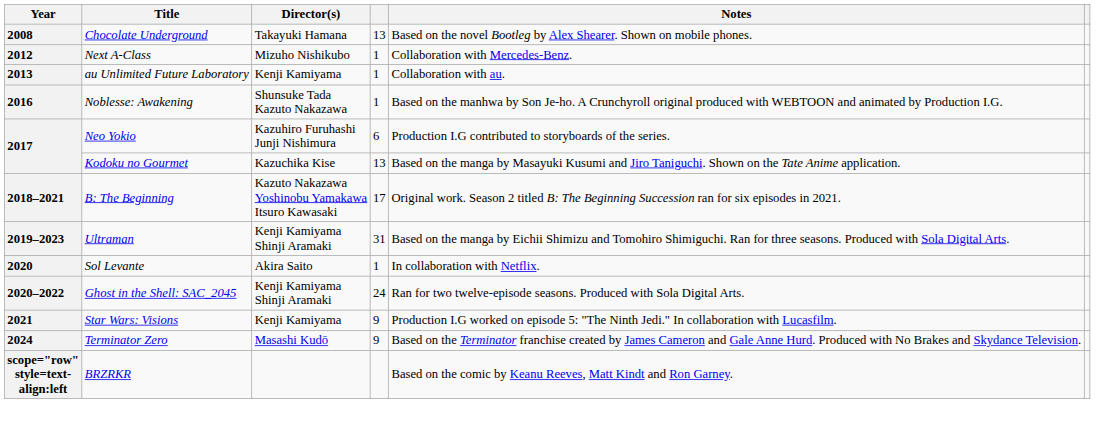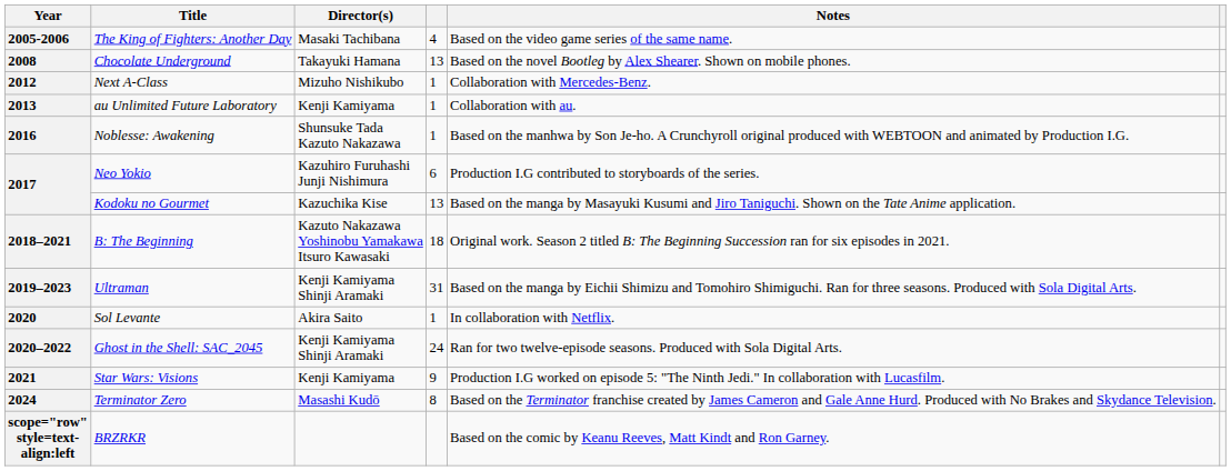 <table class="wikitable sortable plainrowheaders">
 <tr>
 <th scope="col" width=10 class="unsortable">Year</th>
 <th scope="col">Title</th>
 <th scope="col">Director(s)</th>
 <th scope="col"></th>
 <th scope="col" class ="unsortable">Notes</th>
 <th scope="col" class ="unsortable"></th>
+</tr>
+<tr>
+<th scope="row" style=text-align:left>2005-2006</th>
+<td><em><a href='#'>The King of Fighters: Another Day</a></em></td>
+<td>Masaki Tachibana</td>
+<td>4</td>
+<td>Based on the video game series <a href='#'>of the same name</a>.</td>
+<td></td>
 </tr>
 <tr>
 <th scope="row" style=text-align:left>2008</th>
 <td><em><a href='#'>Chocolate Underground</a></em></td>
 <td>Takayuki Hamana</td>
 <td>13</td>
 <td>Based on the novel <em>Bootleg</em> by <a href='#'>Alex Shearer</a>. Shown on mobile phones.</td>
 <td></td>
 </tr>
 <tr>
 <th scope="row" style=text-align:left>2012</th>
 <td><em>Next A-Class</em></td>
 <td>Mizuho Nishikubo</td>
 <td>1</td>
 <td>Collaboration with <a href='#'>Mercedes-Benz</a>.</td>
 <td></td>
 </tr>
 <tr>
 <th scope="row" style=text-align:left>2013</th>
 <td><em>au Unlimited Future Laboratory</em></td>
 <td>Kenji Kamiyama</td>
 <td>1</td>
 <td>Collaboration with <a href='#'>au</a>.</td>
 <td></td>
 </tr>
 <tr>
 <th scope="row" style=text-align:left>2016</th>
 <td><em>Noblesse: Awakening</em></td>
 <td>Shunsuke Tada<br>Kazuto Nakazawa</td>
 <td>1</td>
 <td>Based on the manhwa by Son Je-ho. A Crunchyroll original produced with WEBTOON and animated by Production I.G.</td>
 <td></td>
 </tr>
 <tr>
 <th scope="row" rowspan="2" style=text-align:left>2017</th>
 <td><em><a href='#'>Neo Yokio</a></em></td>
 <td>Kazuhiro Furuhashi<br>Junji Nishimura</td>
 <td>6</td>
 <td>Production I.G contributed to storyboards of the series.</td>
 <td></td>
 </tr>
 <tr>
 <td><em><a href='#'>Kodoku no Gourmet</a></em></td>
 <td>Kazuchika Kise</td>
 <td>13</td>
 <td>Based on the manga by Masayuki Kusumi and <a href='#'>Jiro Taniguchi</a>. Shown on the <em>Tate Anime</em> application.</td>
 <td></td>
 </tr>
 <tr>
 <th scope="row" style=text-align:left>2018–2021</th>
 <td><em><a href='#'>B: The Beginning</a></em></td>
 <td>Kazuto Nakazawa<br><a href='#'>Yoshinobu Yamakawa</a><br>Itsuro Kawasaki</td>
-<td>17</td>
+<td>18</td>
 <td>Original work. Season 2 titled <em>B: The Beginning Succession</em> ran for six episodes in 2021.</td>
 <td></td>
 </tr>
 <tr>
 <th scope="row" style=text-align:left>2019–2023</th>
 <td><em><a href='#'>Ultraman</a></em></td>
 <td>Kenji Kamiyama<br>Shinji Aramaki</td>
 <td>31</td>
 <td>Based on the manga by Eichii Shimizu and Tomohiro Shimiguchi. Ran for three seasons. Produced with <a href='#'>Sola Digital Arts</a>.</td>
 <td></td>
 </tr>
 <tr>
 <th scope="row" style=text-align:left>2020</th>
 <td><em>Sol Levante</em></td>
 <td>Akira Saito</td>
 <td>1</td>
 <td>In collaboration with <a href='#'>Netflix</a>.</td>
 <td></td>
 </tr>
 <tr>
 <th scope="row" style=text-align:left>2020–2022</th>
 <td><em><a href='#'>Ghost in the Shell: SAC_2045</a></em></td>
 <td>Kenji Kamiyama<br>Shinji Aramaki</td>
 <td>24</td>
 <td>Ran for two twelve-episode seasons. Produced with Sola Digital Arts.</td>
 <td></td>
 </tr>
 <tr>
 <th scope="row" style=text-align:left>2021</th>
 <td><em><a href='#'>Star Wars: Visions</a></em></td>
 <td>Kenji Kamiyama</td>
 <td>9</td>
 <td>Production I.G worked on episode 5: "The Ninth Jedi." In collaboration with <a href='#'>Lucasfilm</a>.</td>
 <td></td>
 </tr>
 <tr>
 <th scope="row" style=text-align:left>2024</th>
 <td><em><a href='#'>Terminator Zero</a></em></td>
 <td><a href='#'>Masashi Kudō</a></td>
-<td>9</td>
+<td>8</td>
 <td>Based on the <em><a href='#'>Terminator</a></em> franchise created by <a href='#'>James Cameron</a> and <a href='#'>Gale Anne Hurd</a>. Produced with No Brakes and <a href='#'>Skydance Television</a>.</td>
 <td></td>
 </tr>
 <tr>
 <th>scope="row" style=text-align:left </th>
 <td><em><a href='#'>BRZRKR</a></em></td>
 <td></td>
 <td></td>
 <td>Based on the comic by <a href='#'>Keanu Reeves</a>, <a href='#'>Matt Kindt</a> and <a href='#'>Ron Garney</a>.</td>
 <td></td>
 </tr>
 </table>
